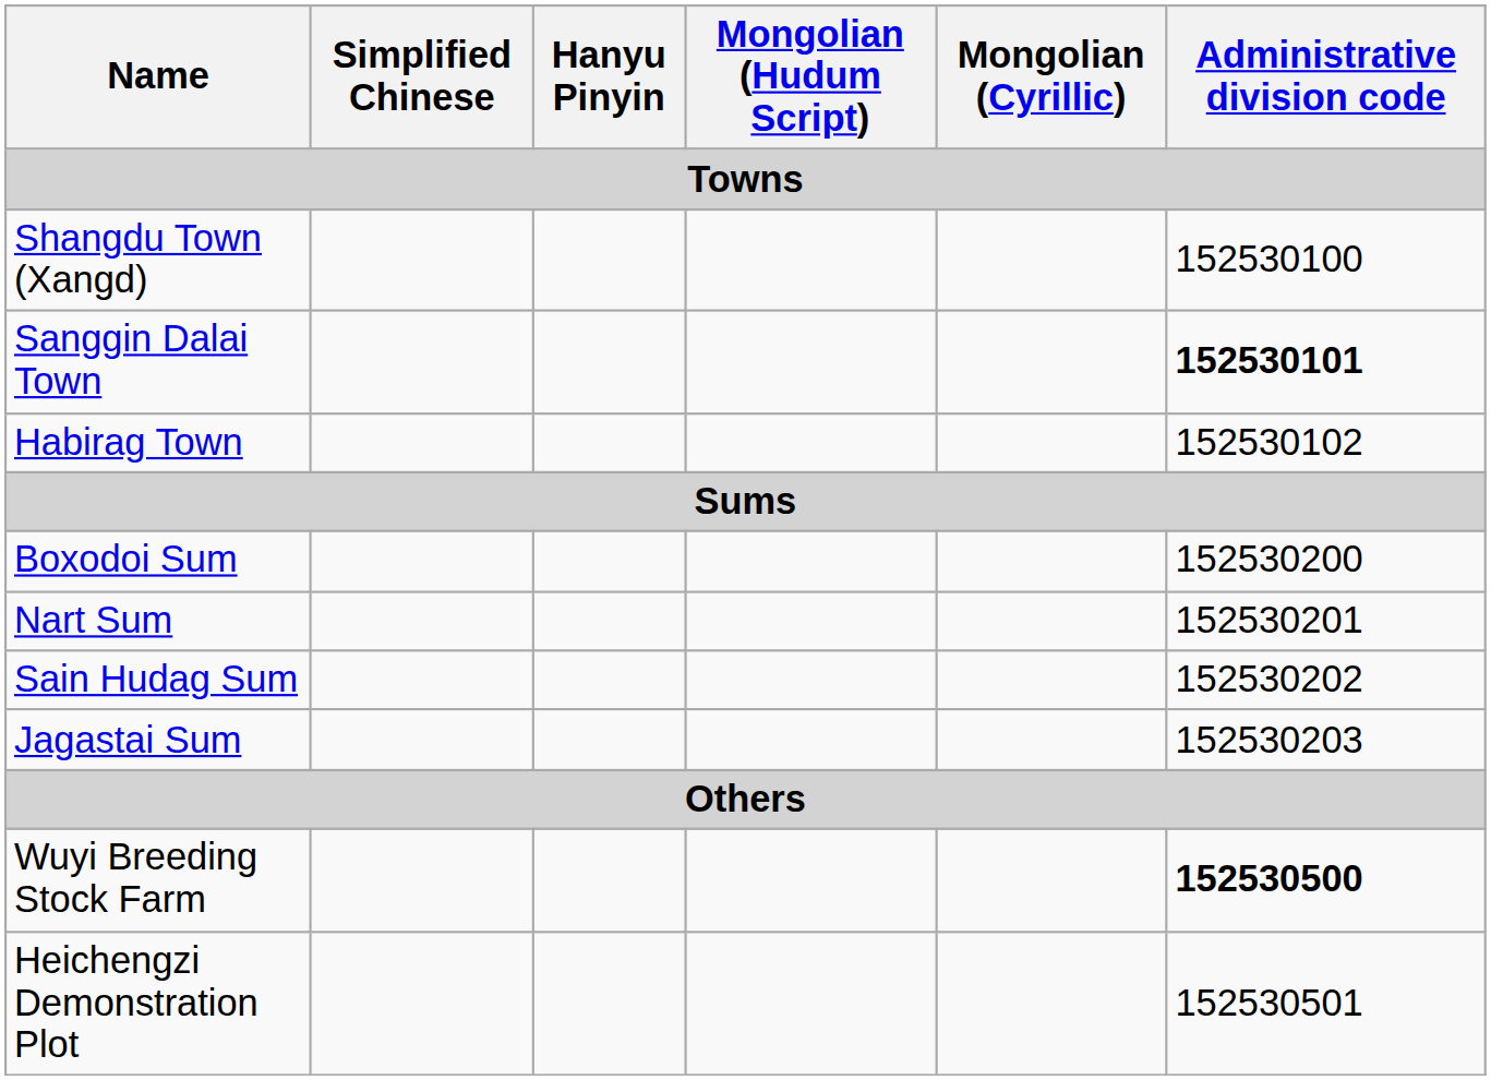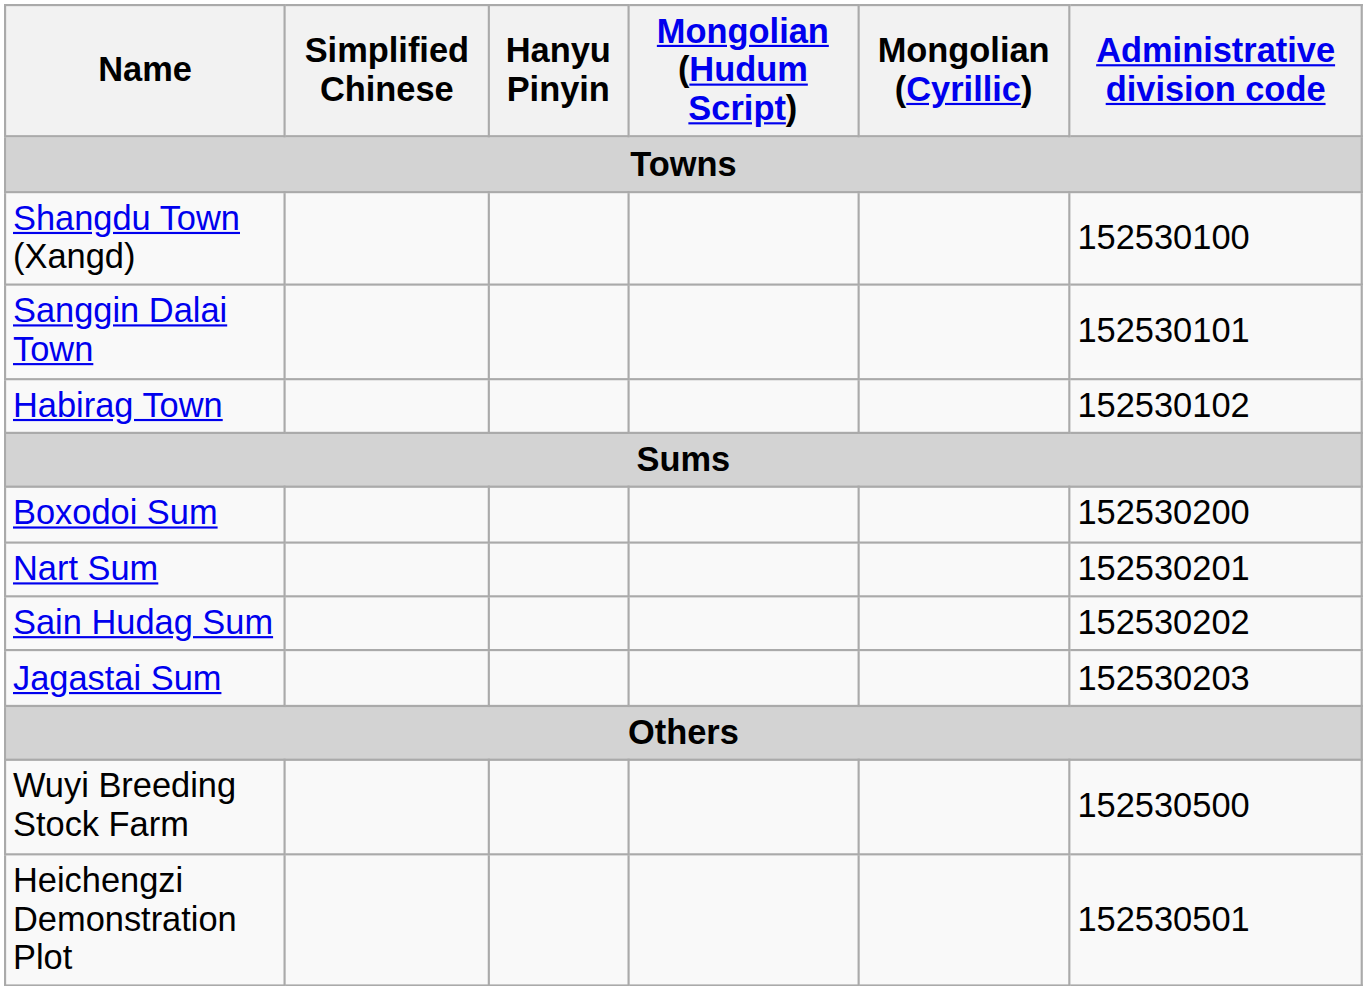 <table class="wikitable" align="center" style="width:50%; border="1">
 <tr>
 <th>Name</th>
 <th>Simplified Chinese</th>
 <th>Hanyu Pinyin</th>
 <th><a href='#'>Mongolian</a> (<a href='#'>Hudum Script</a>)</th>
 <th>Mongolian (<a href='#'>Cyrillic</a>)</th>
 <th><a href='#'>Administrative division code</a></th>
 </tr>
 <tr>
 <td colspan="6"  style="text-align:center; background:#d3d3d3;"><strong>Towns</strong></td>
 </tr>
 <tr --------->
 <td><a href='#'>Shangdu Town</a><br>(Xangd)</td>
 <td></td>
 <td></td>
 <td></td>
 <td></td>
 <td>152530100</td>
 </tr>
 <tr>
 <td><a href='#'>Sanggin Dalai Town</a></td>
 <td></td>
 <td></td>
 <td></td>
 <td></td>
-<td><strong>152530101</strong></td>
+<td>152530101</td>
 </tr>
 <tr>
 <td><a href='#'>Habirag Town</a></td>
 <td></td>
 <td></td>
 <td></td>
 <td></td>
 <td>152530102</td>
 </tr>
 <tr>
 <td colspan="6"  style="text-align:center; background:#d3d3d3;"><strong>Sums</strong></td>
 </tr>
 <tr --------->
 <td><a href='#'>Boxodoi Sum</a></td>
 <td></td>
 <td></td>
 <td></td>
 <td></td>
 <td>152530200</td>
 </tr>
 <tr>
 <td><a href='#'>Nart Sum</a></td>
 <td></td>
 <td></td>
 <td></td>
 <td></td>
 <td>152530201</td>
 </tr>
 <tr>
 <td><a href='#'>Sain Hudag Sum</a></td>
 <td></td>
 <td></td>
 <td></td>
 <td></td>
 <td>152530202</td>
 </tr>
 <tr>
 <td><a href='#'>Jagastai Sum</a></td>
 <td></td>
 <td></td>
 <td></td>
 <td></td>
 <td>152530203</td>
 </tr>
 <tr>
 <td colspan="6"  style="text-align:center; background:#d3d3d3;"><strong>Others</strong></td>
 </tr>
 <tr --------->
 <td>Wuyi Breeding Stock Farm</td>
 <td></td>
 <td></td>
 <td></td>
 <td></td>
-<td><strong>152530500</strong></td>
+<td>152530500</td>
 </tr>
 <tr>
 <td>Heichengzi Demonstration Plot</td>
 <td></td>
 <td></td>
 <td></td>
 <td></td>
 <td>152530501</td>
 </tr>
 </table>
